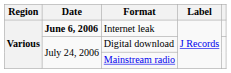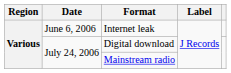 <table class="wikitable plainrowheaders">
 <tr>
 <th scope="col">Region</th>
 <th scope="col">Date</th>
 <th scope="col">Format</th>
 <th scope="col">Label</th>
 <th scope="col"></th>
 </tr>
 <tr>
 <th scope="row" rowspan="3">Various</th>
-<td rowspan="1"><strong>June 6, 2006</strong></td>
+<td rowspan="1">June 6, 2006</td>
 <td>Internet leak</td>
 <td rowspan="3"><a href='#'>J Records</a></td>
 <td rowspan="1" style="text-align:center;"></td>
 </tr>
 <tr>
 <td rowspan="2">July 24, 2006</td>
 <td>Digital download</td>
 <td rowspan="2" style="text-align:center;"></td>
 </tr>
 <tr>
 <td><a href='#'>Mainstream radio</a></td>
 </tr>
 </table>
